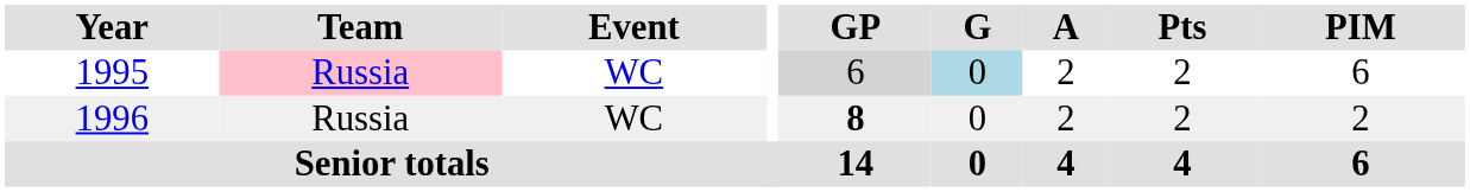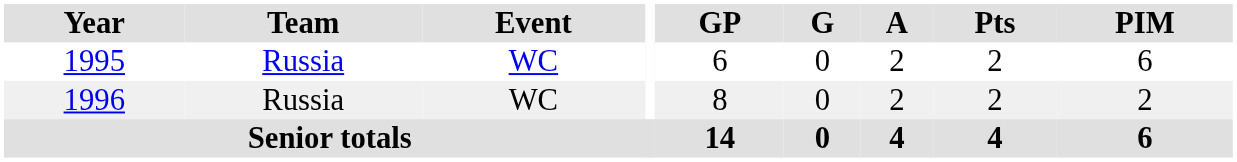 <table border="0" cellpadding="1" cellspacing="0" ID="Table3" style="text-align:center; width:40em">
 <tr bgcolor="#e0e0e0">
 <th>Year</th>
 <th>Team</th>
 <th>Event</th>
 <th rowspan="102" bgcolor="#ffffff"></th>
 <th>GP</th>
 <th>G</th>
 <th>A</th>
 <th>Pts</th>
 <th>PIM</th>
 </tr>
 <tr>
 <td><a href='#'>1995</a></td>
-<td style="background: pink;"><a href='#'>Russia</a></td>
+<td><a href='#'>Russia</a></td>
 <td><a href='#'>WC</a></td>
-<td style="background: lightgrey;">6</td>
-<td style="background: lightblue;">0</td>
+<td>6</td>
+<td>0</td>
 <td>2</td>
 <td>2</td>
 <td>6</td>
 </tr>
 <tr bgcolor="#f0f0f0">
 <td><a href='#'>1996</a></td>
 <td>Russia</td>
 <td>WC</td>
-<td><strong>8</strong></td>
+<td>8</td>
 <td>0</td>
 <td>2</td>
 <td>2</td>
 <td>2</td>
 </tr>
 <tr bgcolor="#e0e0e0">
 <th colspan="4">Senior totals</th>
 <th>14</th>
 <th>0</th>
 <th>4</th>
 <th>4</th>
 <th>6</th>
 </tr>
 </table>
